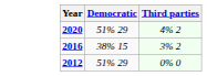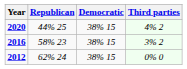 <table class="wikitable" style="float:right; font-size:95%;">
 <tr bgcolor=lightgrey>
 <th>Year</th>
+<th><a href='#'>Republican</a></th>
 <th><a href='#'>Democratic</a></th>
 <th><a href='#'>Third parties</a></th>
 </tr>
 <tr>
 <td style="text-align:center; "><strong><a href='#'>2020</a></strong></td>
-<td style="text-align:center; "><em>51%</em> <em>29</em></td>
+<td style="text-align:center; "><em>44%</em> <em>25</em></td>
+<td style="text-align:center; "><em>38%</em> <em>15</em></td>
 <td style="text-align:center; background:honeyDew;"><em>4%</em> <em>2</em></td>
 </tr>
 <tr>
 <td style="text-align:center; "><strong><a href='#'>2016</a></strong></td>
+<td style="text-align:center; "><em>58%</em> <em>23</em></td>
 <td style="text-align:center; "><em>38%</em> <em>15</em></td>
 <td style="text-align:center; background:honeyDew;"><em>3%</em> <em>2</em></td>
 </tr>
 <tr>
 <td style="text-align:center; "><strong><a href='#'>2012</a></strong></td>
-<td style="text-align:center; "><em>51%</em> <em>29</em></td>
+<td style="text-align:center; "><em>62%</em> <em>24</em></td>
+<td style="text-align:center; "><em>38%</em> <em>15</em></td>
 <td style="text-align:center; background:honeyDew;"><em>0%</em> <em>0</em></td>
 </tr>
 </table>
